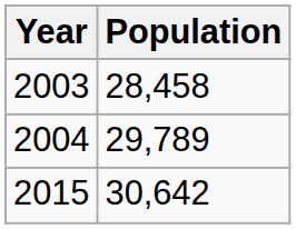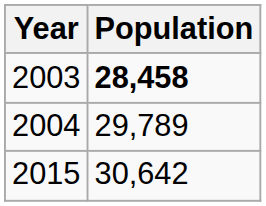 <table class="wikitable">
 <tr>
 <th>Year</th>
 <th>Population</th>
 </tr>
 <tr>
 <td>2003</td>
-<td>28,458</td>
+<td><strong>28,458</strong></td>
 </tr>
 <tr>
 <td>2004</td>
 <td>29,789</td>
 </tr>
 <tr>
 <td>2015</td>
 <td>30,642</td>
 </tr>
 </table>
